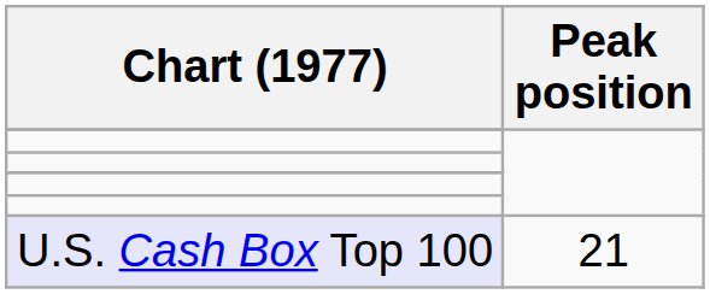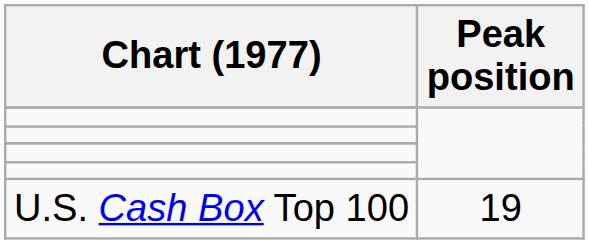 <table class="wikitable sortable">
 <tr>
 <th>Chart (1977)</th>
 <th style="text-align:center;">Peak<br>position</th>
 </tr>
 <tr>
 </tr>
 <tr>
 </tr>
 <tr>
 <td></td>
 </tr>
 <tr>
 <td></td>
 </tr>
 <tr>
 </tr>
 <tr>
 <td></td>
 </tr>
 <tr>
 <td></td>
 </tr>
 <tr>
-<td style="background: lavender;">U.S. <a href='#'><em>Cash Box</em></a> Top 100 </td>
-<td align="center">21</td>
+<td>U.S. <a href='#'><em>Cash Box</em></a> Top 100 </td>
+<td align="center">19</td>
 </tr>
 </table>
